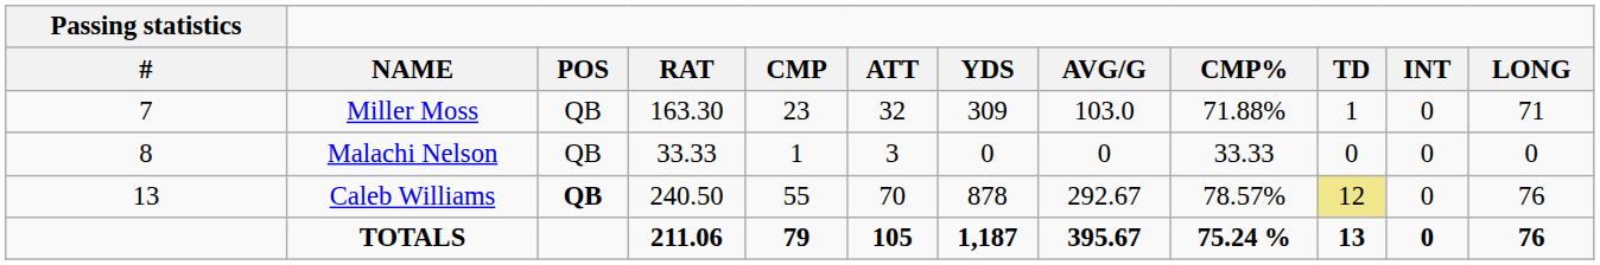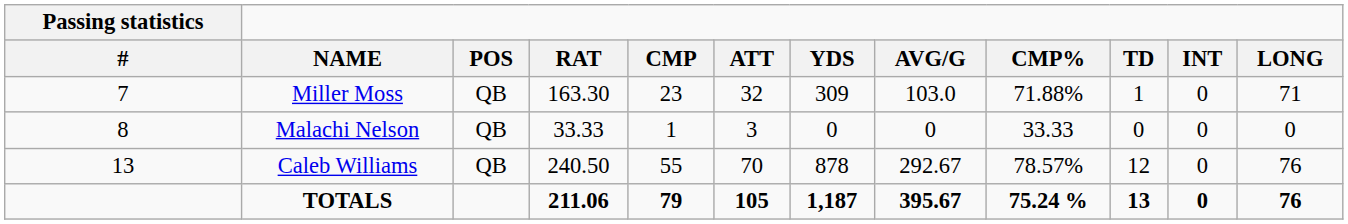 <table style="width:60%; text-align:center;" class="wikitable collapsible collapsed">
 <tr>
 <th style="text-align:center; ">Passing statistics</th>
 </tr>
 <tr>
 <th>#</th>
 <th>NAME</th>
 <th>POS</th>
 <th>RAT</th>
 <th>CMP</th>
 <th>ATT</th>
 <th>YDS</th>
 <th>AVG/G</th>
 <th>CMP%</th>
 <th>TD</th>
 <th>INT</th>
 <th>LONG</th>
 </tr>
 <tr>
 <td>7</td>
 <td><a href='#'>Miller Moss</a></td>
 <td>QB</td>
 <td>163.30</td>
 <td>23</td>
 <td>32</td>
 <td>309</td>
 <td>103.0</td>
 <td>71.88%</td>
 <td>1</td>
 <td>0</td>
 <td>71</td>
 </tr>
 <tr>
 <td>8</td>
 <td><a href='#'>Malachi Nelson</a></td>
 <td>QB</td>
 <td>33.33</td>
 <td>1</td>
 <td>3</td>
 <td>0</td>
 <td>0</td>
 <td>33.33</td>
 <td>0</td>
 <td>0</td>
 <td>0</td>
 </tr>
 <tr>
 <td>13</td>
 <td><a href='#'>Caleb Williams</a></td>
-<td><strong>QB</strong></td>
+<td>QB</td>
 <td>240.50</td>
 <td>55</td>
 <td>70</td>
 <td>878</td>
 <td>292.67</td>
 <td>78.57%</td>
-<td style="background: khaki;">12</td>
+<td>12</td>
 <td>0</td>
 <td>76</td>
 </tr>
 <tr>
 <td></td>
 <td><strong>TOTALS</strong></td>
 <td></td>
 <td><strong>211.06</strong></td>
 <td><strong>79</strong></td>
 <td><strong>105</strong></td>
 <td><strong>1,187</strong></td>
 <td><strong>395.67</strong></td>
 <td><strong>75.24 %</strong></td>
 <td><strong>13</strong></td>
 <td><strong>0</strong></td>
 <td><strong>76</strong></td>
 </tr>
 </table>
